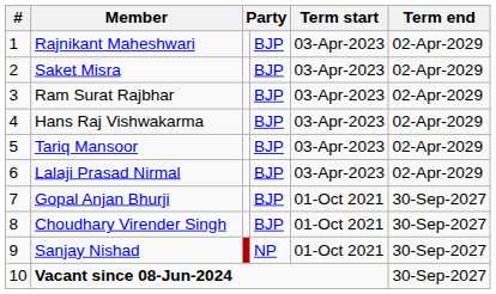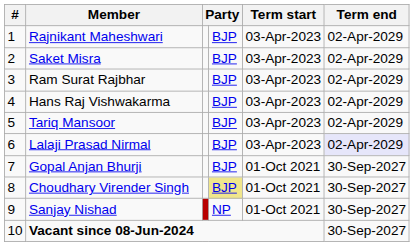 <table class="wikitable sortable">
 <tr>
 <th>#</th>
 <th style="width:200px">Member</th>
 <th colspan="2">Party</th>
 <th>Term start</th>
 <th>Term end</th>
 </tr>
 <tr>
 <td>1</td>
 <td><a href='#'>Rajnikant Maheshwari</a></td>
 <td></td>
 <td><a href='#'>BJP</a></td>
 <td>03-Apr-2023</td>
 <td>02-Apr-2029</td>
 </tr>
 <tr>
 <td>2</td>
 <td><a href='#'>Saket Misra</a></td>
 <td></td>
 <td><a href='#'>BJP</a></td>
 <td>03-Apr-2023</td>
 <td>02-Apr-2029</td>
 </tr>
 <tr>
 <td>3</td>
 <td>Ram Surat Rajbhar</td>
 <td></td>
 <td><a href='#'>BJP</a></td>
 <td>03-Apr-2023</td>
 <td>02-Apr-2029</td>
 </tr>
 <tr>
 <td>4</td>
 <td>Hans Raj Vishwakarma</td>
 <td></td>
 <td><a href='#'>BJP</a></td>
 <td>03-Apr-2023</td>
 <td>02-Apr-2029</td>
 </tr>
 <tr>
 <td>5</td>
 <td><a href='#'>Tariq Mansoor</a></td>
 <td></td>
 <td><a href='#'>BJP</a></td>
 <td>03-Apr-2023</td>
 <td>02-Apr-2029</td>
 </tr>
 <tr>
 <td>6</td>
 <td><a href='#'>Lalaji Prasad Nirmal</a></td>
 <td></td>
 <td><a href='#'>BJP</a></td>
 <td>03-Apr-2023</td>
-<td>02-Apr-2029</td>
+<td style="background: lavender;">02-Apr-2029</td>
 </tr>
 <tr>
 <td>7</td>
 <td><a href='#'>Gopal Anjan Bhurji</a></td>
 <td></td>
 <td><a href='#'>BJP</a></td>
 <td>01-Oct 2021</td>
 <td>30-Sep-2027</td>
 </tr>
 <tr>
 <td>8</td>
 <td><a href='#'>Choudhary Virender Singh</a></td>
 <td></td>
-<td><a href='#'>BJP</a></td>
+<td style="background: khaki;"><a href='#'>BJP</a></td>
 <td>01-Oct 2021</td>
 <td>30-Sep-2027</td>
 </tr>
 <tr>
 <td>9</td>
 <td><a href='#'>Sanjay Nishad</a></td>
 <td bgcolor="#B80000"></td>
 <td><a href='#'>NP</a></td>
 <td>01-Oct 2021</td>
 <td>30-Sep-2027</td>
 </tr>
 <tr>
 <td>10</td>
 <td Colspan=4><strong>Vacant since 08-Jun-2024</strong></td>
 <td>30-Sep-2027</td>
 </tr>
 </table>
